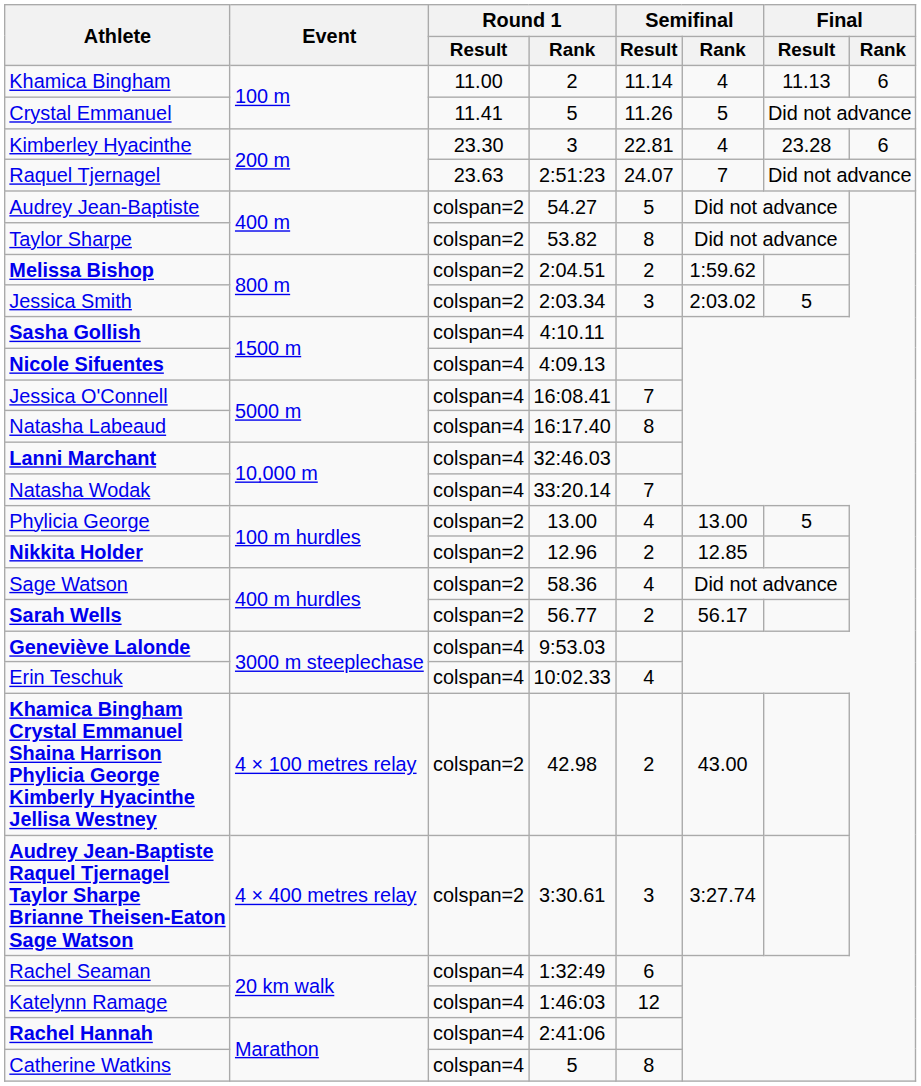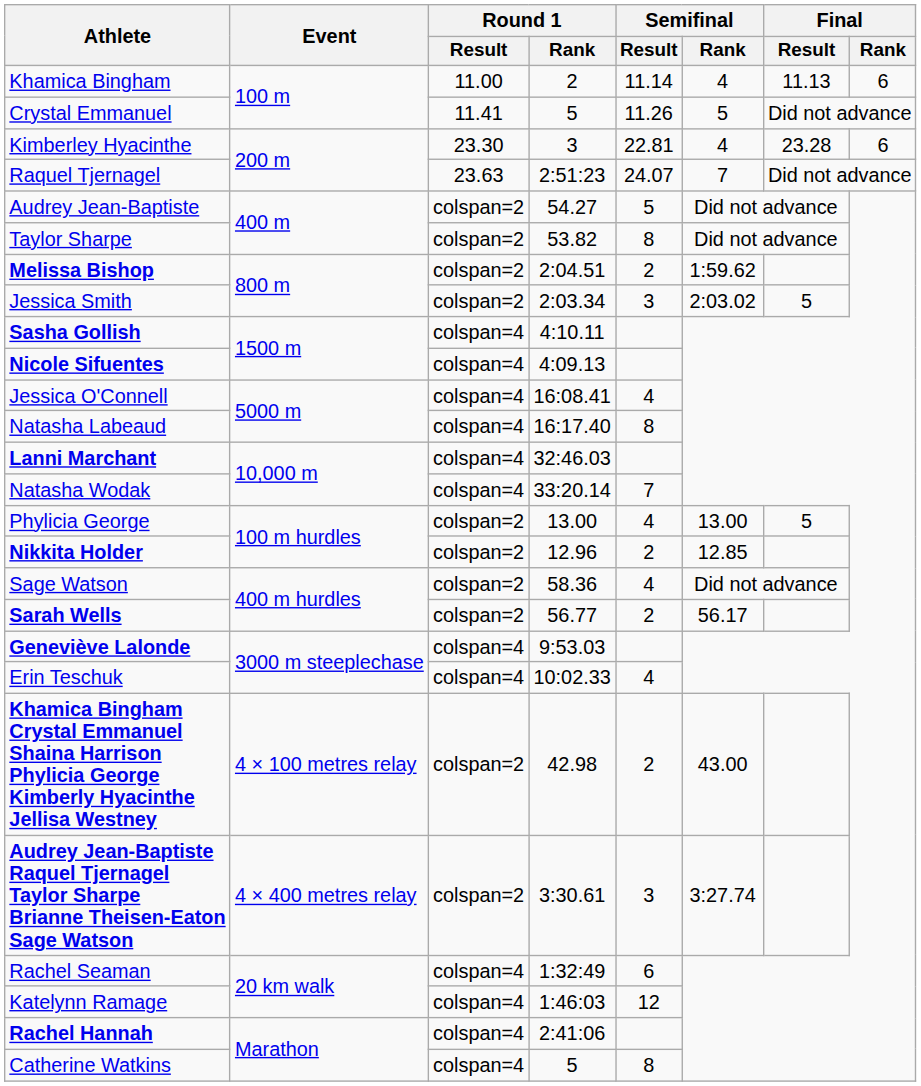 <table class=wikitable style="font-size:90%">
 <tr>
 <th rowspan=2>Athlete</th>
 <th rowspan=2>Event</th>
 <th colspan=2>Round 1</th>
 <th colspan=2>Semifinal</th>
 <th colspan=2>Final</th>
 </tr>
 <tr style="font-size:95%">
 <th>Result</th>
 <th>Rank</th>
 <th>Result</th>
 <th>Rank</th>
 <th>Result</th>
 <th>Rank</th>
 </tr>
 <tr align=center>
 <td align=left><a href='#'>Khamica Bingham</a></td>
 <td align=left rowspan=2><a href='#'>100 m</a></td>
 <td>11.00</td>
 <td>2</td>
 <td>11.14</td>
 <td>4</td>
 <td>11.13</td>
 <td>6</td>
 </tr>
 <tr align=center>
 <td align=left><a href='#'>Crystal Emmanuel</a></td>
 <td>11.41</td>
 <td>5</td>
 <td>11.26</td>
 <td>5</td>
 <td colspan=2>Did not advance</td>
 </tr>
 <tr align=center>
 <td align=left><a href='#'>Kimberley Hyacinthe</a></td>
 <td align=left rowspan=2><a href='#'>200 m</a></td>
 <td>23.30</td>
 <td>3</td>
 <td>22.81</td>
 <td>4</td>
 <td>23.28</td>
 <td>6</td>
 </tr>
 <tr align=center>
 <td align=left><a href='#'>Raquel Tjernagel</a></td>
 <td>23.63</td>
 <td>2:51:23</td>
 <td>24.07</td>
 <td>7</td>
 <td colspan=2>Did not advance</td>
 </tr>
 <tr align=center>
 <td align=left><a href='#'>Audrey Jean-Baptiste</a></td>
 <td align=left rowspan=2><a href='#'>400 m</a></td>
 <td>colspan=2 </td>
 <td>54.27</td>
 <td>5</td>
 <td colspan=2>Did not advance</td>
 </tr>
 <tr align=center>
 <td align=left><a href='#'>Taylor Sharpe</a></td>
 <td>colspan=2 </td>
 <td>53.82</td>
 <td>8</td>
 <td colspan=2>Did not advance</td>
 </tr>
 <tr align=center>
 <td align=left><strong><a href='#'>Melissa Bishop</a></strong></td>
 <td align=left rowspan=2><a href='#'>800 m</a></td>
 <td>colspan=2 </td>
 <td>2:04.51</td>
 <td>2</td>
 <td>1:59.62</td>
 <td></td>
 </tr>
 <tr align=center>
 <td align=left><a href='#'>Jessica Smith</a></td>
 <td>colspan=2 </td>
 <td>2:03.34</td>
 <td>3</td>
 <td>2:03.02</td>
 <td>5</td>
 </tr>
 <tr align=center>
 <td align=left><strong><a href='#'>Sasha Gollish</a></strong></td>
 <td align=left rowspan=2><a href='#'>1500 m</a></td>
 <td>colspan=4 </td>
 <td>4:10.11</td>
 <td></td>
 </tr>
 <tr align=center>
 <td align=left><strong><a href='#'>Nicole Sifuentes</a></strong></td>
 <td>colspan=4 </td>
 <td>4:09.13</td>
 <td></td>
 </tr>
 <tr align=center>
 <td align=left><a href='#'>Jessica O'Connell</a></td>
 <td align=left rowspan=2><a href='#'>5000 m</a></td>
 <td>colspan=4 </td>
 <td>16:08.41</td>
-<td>7</td>
+<td>4</td>
 </tr>
 <tr align=center>
 <td align=left><a href='#'>Natasha Labeaud</a></td>
 <td>colspan=4 </td>
 <td>16:17.40</td>
 <td>8</td>
 </tr>
 <tr align=center>
 <td align=left><strong><a href='#'>Lanni Marchant</a></strong></td>
 <td align=left rowspan=2><a href='#'>10,000 m</a></td>
 <td>colspan=4 </td>
 <td>32:46.03</td>
 <td></td>
 </tr>
 <tr align=center>
 <td align=left><a href='#'>Natasha Wodak</a></td>
 <td>colspan=4 </td>
 <td>33:20.14</td>
 <td>7</td>
 </tr>
 <tr align=center>
 <td align=left><a href='#'>Phylicia George</a></td>
 <td align=left rowspan=2><a href='#'>100 m hurdles</a></td>
 <td>colspan=2 </td>
 <td>13.00</td>
 <td>4</td>
 <td>13.00</td>
 <td>5</td>
 </tr>
 <tr align=center>
 <td align=left><strong><a href='#'>Nikkita Holder</a></strong></td>
 <td>colspan=2 </td>
 <td>12.96</td>
 <td>2</td>
 <td>12.85</td>
 <td></td>
 </tr>
 <tr align=center>
 <td align=left><a href='#'>Sage Watson</a></td>
 <td align=left rowspan=2><a href='#'>400 m hurdles</a></td>
 <td>colspan=2 </td>
 <td>58.36</td>
 <td>4</td>
 <td colspan=2>Did not advance</td>
 </tr>
 <tr align=center>
 <td align=left><strong><a href='#'>Sarah Wells</a></strong></td>
 <td>colspan=2 </td>
 <td>56.77</td>
 <td>2</td>
 <td>56.17</td>
 <td></td>
 </tr>
 <tr align=center>
 <td align=left><strong><a href='#'>Geneviève Lalonde</a></strong></td>
 <td align=left rowspan=2><a href='#'>3000 m steeplechase</a></td>
 <td>colspan=4 </td>
 <td>9:53.03</td>
 <td></td>
 </tr>
 <tr align=center>
 <td align=left><a href='#'>Erin Teschuk</a></td>
 <td>colspan=4 </td>
 <td>10:02.33</td>
 <td>4</td>
 </tr>
 <tr align=center>
 <td align=left><strong><a href='#'>Khamica Bingham</a><br><a href='#'>Crystal Emmanuel</a><br><a href='#'>Shaina Harrison</a><br><a href='#'>Phylicia George</a><br><a href='#'>Kimberly Hyacinthe</a><br><a href='#'>Jellisa Westney</a></strong></td>
 <td align=left><a href='#'>4 × 100 metres relay</a></td>
 <td>colspan=2 </td>
 <td>42.98</td>
 <td>2</td>
 <td>43.00</td>
 <td></td>
 </tr>
 <tr align=center>
 <td align=left><strong><a href='#'>Audrey Jean-Baptiste</a><br><a href='#'>Raquel Tjernagel</a><br><a href='#'>Taylor Sharpe</a><br><a href='#'>Brianne Theisen-Eaton</a><br><a href='#'>Sage Watson</a></strong></td>
 <td align=left><a href='#'>4 × 400 metres relay</a></td>
 <td>colspan=2 </td>
 <td>3:30.61</td>
 <td>3</td>
 <td>3:27.74</td>
 <td></td>
 </tr>
 <tr align=center>
 <td align=left><a href='#'>Rachel Seaman</a></td>
 <td align=left rowspan=2><a href='#'>20 km walk</a></td>
 <td>colspan=4 </td>
 <td>1:32:49</td>
 <td>6</td>
 </tr>
 <tr align=center>
 <td align=left><a href='#'>Katelynn Ramage</a></td>
 <td>colspan=4 </td>
 <td>1:46:03</td>
 <td>12</td>
 </tr>
 <tr align=center>
 <td align=left><strong><a href='#'>Rachel Hannah</a></strong></td>
 <td align=left rowspan=2><a href='#'>Marathon</a></td>
 <td>colspan=4 </td>
 <td>2:41:06</td>
 <td></td>
 </tr>
 <tr align=center>
 <td align=left><a href='#'>Catherine Watkins</a></td>
 <td>colspan=4 </td>
 <td>5</td>
 <td>8</td>
 </tr>
 </table>
